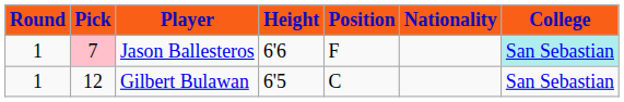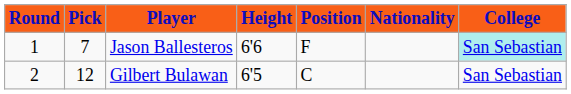 <table class="wikitable sortable sortable">
 <tr>
 <th style="background:#F95F17; color:#0D0DBF; ">Round</th>
 <th style="background:#F95F17; color:#0D0DBF; ">Pick</th>
 <th style="background:#F95F17; color:#0D0DBF; ">Player</th>
 <th style="background:#F95F17; color:#0D0DBF; ">Height</th>
 <th style="background:#F95F17; color:#0D0DBF; ">Position</th>
 <th style="background:#F95F17; color:#0D0DBF; ">Nationality</th>
 <th style="background:#F95F17; color:#0D0DBF; ">College</th>
 </tr>
 <tr>
 <td align=center>1</td>
-<td align=center style="background: pink;">7</td>
+<td align=center>7</td>
 <td><a href='#'>Jason Ballesteros</a></td>
 <td>6'6</td>
 <td>F</td>
 <td></td>
 <td style="background: paleturquoise;"><a href='#'>San Sebastian</a></td>
 </tr>
 <tr>
-<td align=center>1</td>
+<td align=center>2</td>
 <td align=center>12</td>
 <td><a href='#'>Gilbert Bulawan</a></td>
 <td>6'5</td>
 <td>C</td>
 <td></td>
 <td><a href='#'>San Sebastian</a></td>
 </tr>
 </table>
